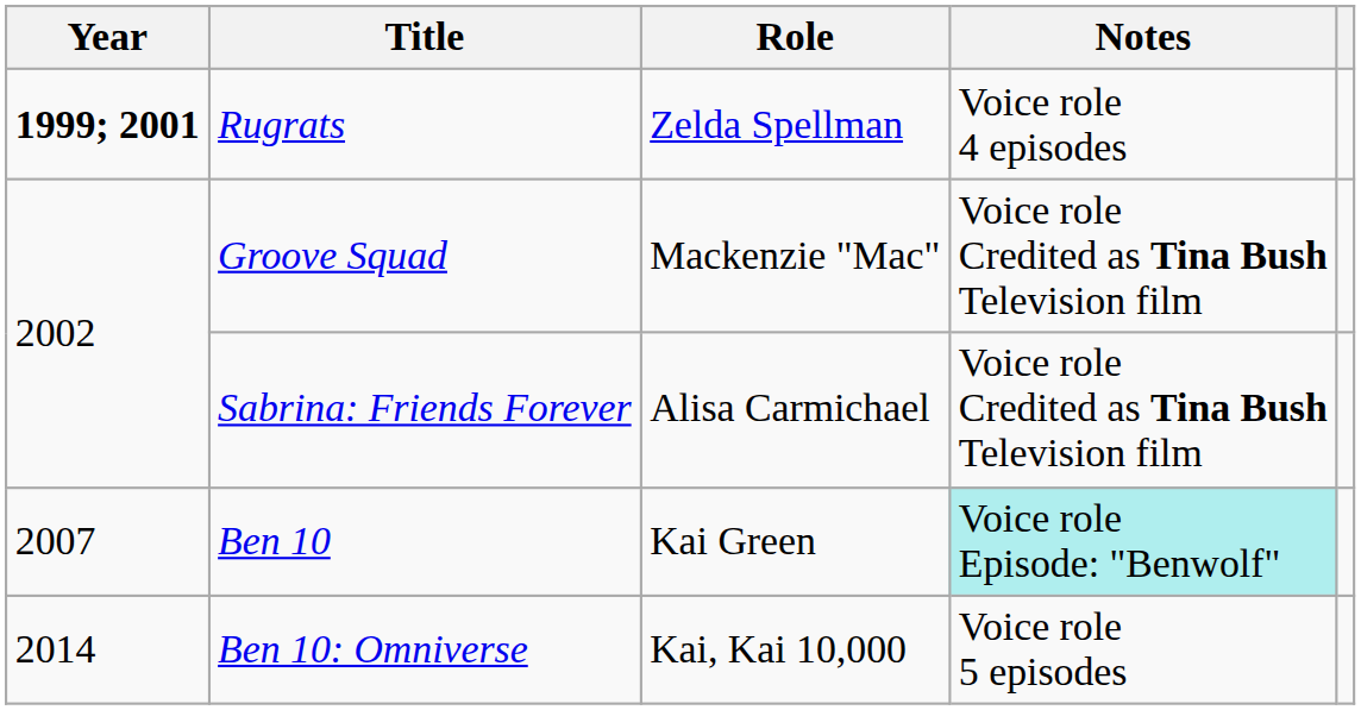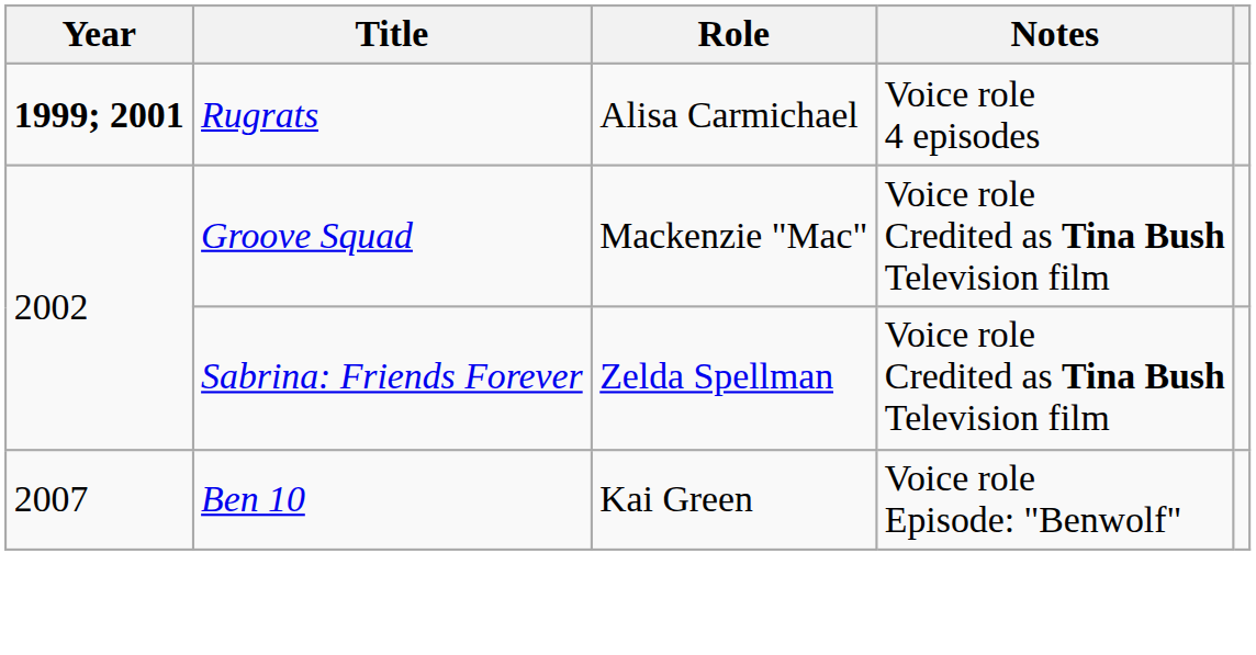 <table class="wikitable sortable">
 <tr>
 <th scope="col">Year</th>
 <th scope="col">Title</th>
 <th scope="col">Role</th>
 <th class="unsortable">Notes</th>
 <th scope="col" class="unsortable"></th>
 </tr>
 <tr>
 <td><strong>1999; 2001</strong></td>
 <td><em><a href='#'>Rugrats</a></em></td>
-<td><a href='#'>Zelda Spellman</a></td>
+<td>Alisa Carmichael</td>
 <td>Voice role<br>4 episodes</td>
 <td></td>
 </tr>
 <tr>
 <td rowspan="2">2002</td>
 <td><em><a href='#'>Groove Squad</a></em></td>
 <td>Mackenzie "Mac"</td>
 <td>Voice role<br>Credited as <strong>Tina Bush</strong><br>Television film</td>
 <td></td>
 </tr>
 <tr>
 <td><em><a href='#'>Sabrina: Friends Forever</a></em></td>
-<td>Alisa Carmichael</td>
+<td><a href='#'>Zelda Spellman</a></td>
 <td>Voice role<br>Credited as <strong>Tina Bush</strong><br>Television film</td>
 <td></td>
 </tr>
 <tr>
 <td>2007</td>
 <td><em><a href='#'>Ben 10</a></em></td>
 <td>Kai Green</td>
-<td style="background: paleturquoise;">Voice role<br>Episode: "Benwolf"</td>
-<td></td>
-</tr>
-<tr>
-<td>2014</td>
-<td><em><a href='#'>Ben 10: Omniverse</a></em></td>
-<td>Kai, Kai 10,000</td>
-<td>Voice role<br>5 episodes</td>
+<td>Voice role<br>Episode: "Benwolf"</td>
 <td></td>
 </tr>
 </table>
